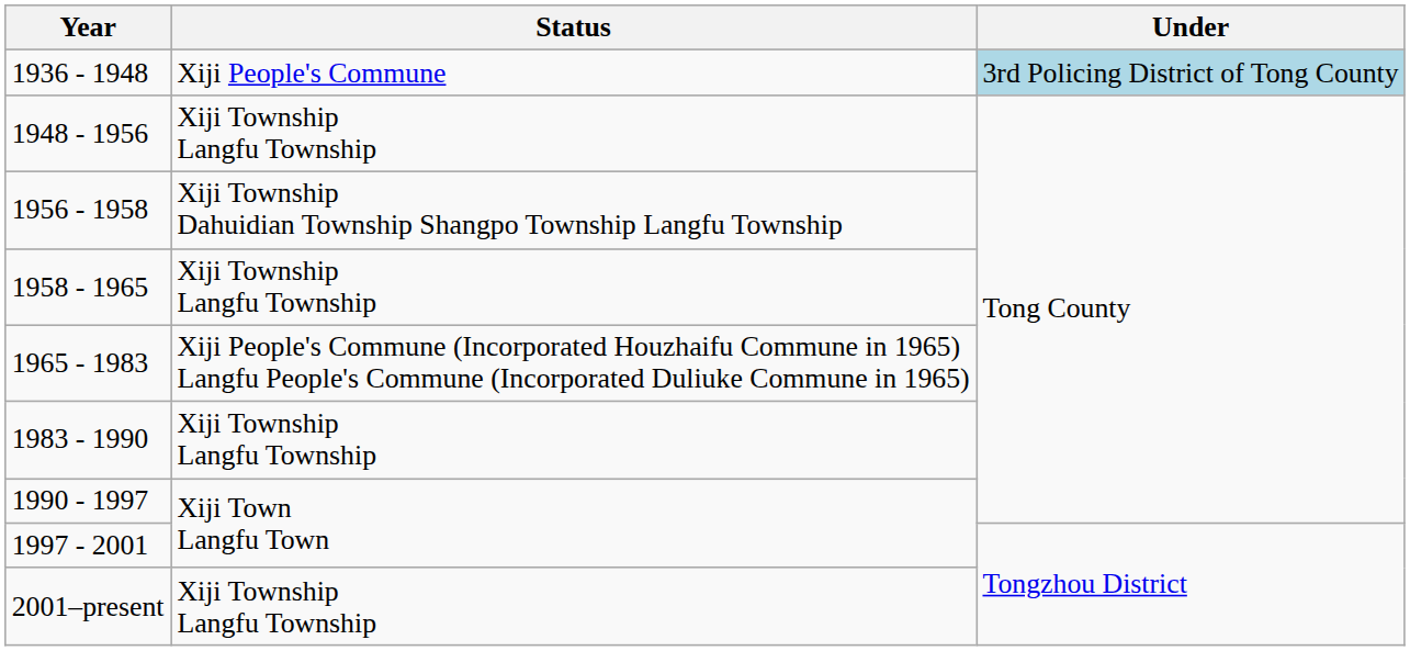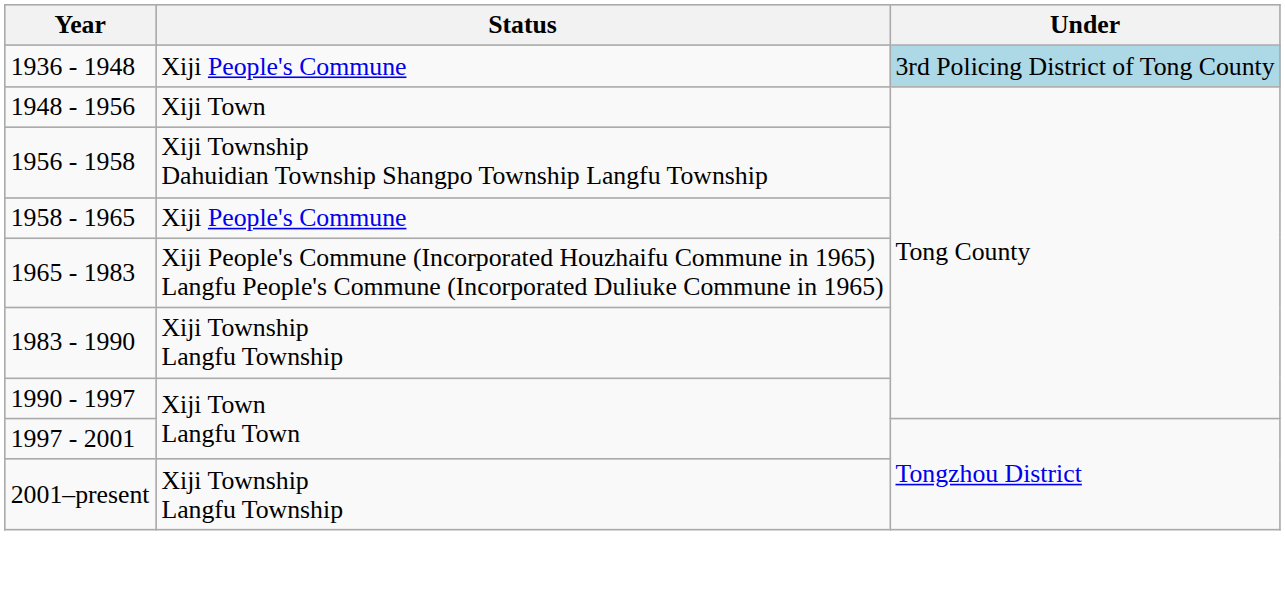 <table class="wikitable">
 <tr>
 <th>Year</th>
 <th>Status</th>
 <th>Under</th>
 </tr>
 <tr>
 <td>1936 - 1948</td>
 <td>Xiji <a href='#'>People's Commune</a></td>
 <td style="background: lightblue;">3rd Policing District of Tong County</td>
 </tr>
 <tr>
 <td>1948 - 1956</td>
-<td>Xiji Township<br>Langfu Township</td>
+<td>Xiji Town</td>
 <td rowspan="6">Tong County</td>
 </tr>
 <tr>
 <td>1956 - 1958</td>
 <td>Xiji Township<br>Dahuidian Township Shangpo Township Langfu Township</td>
 </tr>
 <tr>
 <td>1958 - 1965</td>
-<td>Xiji Township<br>Langfu Township</td>
+<td>Xiji <a href='#'>People's Commune</a></td>
 </tr>
 <tr>
 <td>1965 - 1983</td>
 <td>Xiji People's Commune (Incorporated Houzhaifu Commune in 1965)<br>Langfu People's Commune (Incorporated Duliuke Commune in 1965)</td>
 </tr>
 <tr>
 <td>1983 - 1990</td>
 <td>Xiji Township<br>Langfu Township</td>
 </tr>
 <tr>
 <td>1990 - 1997</td>
 <td rowspan="2">Xiji Town<br>Langfu Town</td>
 </tr>
 <tr>
 <td>1997 - 2001</td>
 <td rowspan="2"><a href='#'>Tongzhou District</a></td>
 </tr>
 <tr>
 <td>2001–present</td>
 <td>Xiji Township<br>Langfu Township</td>
 </tr>
 </table>
